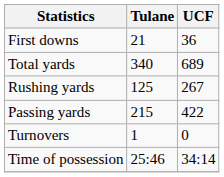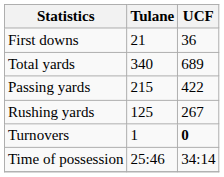 <table class="wikitable">
 <tr>
 <th>Statistics</th>
 <th>Tulane</th>
 <th>UCF</th>
 </tr>
 <tr>
 <td>First downs</td>
 <td>21</td>
 <td>36</td>
 </tr>
 <tr>
 <td>Total yards</td>
 <td>340</td>
 <td>689</td>
 </tr>
 <tr>
+<td>Passing yards</td>
+<td>215</td>
+<td>422</td>
+</tr>
+<tr>
 <td>Rushing yards</td>
 <td>125</td>
 <td>267</td>
 </tr>
 <tr>
-<td>Passing yards</td>
-<td>215</td>
-<td>422</td>
-</tr>
-<tr>
 <td>Turnovers</td>
 <td>1</td>
-<td>0</td>
+<td><strong>0</strong></td>
 </tr>
 <tr>
 <td>Time of possession</td>
 <td>25:46</td>
 <td>34:14</td>
 </tr>
 <tr>
 </tr>
 </table>
